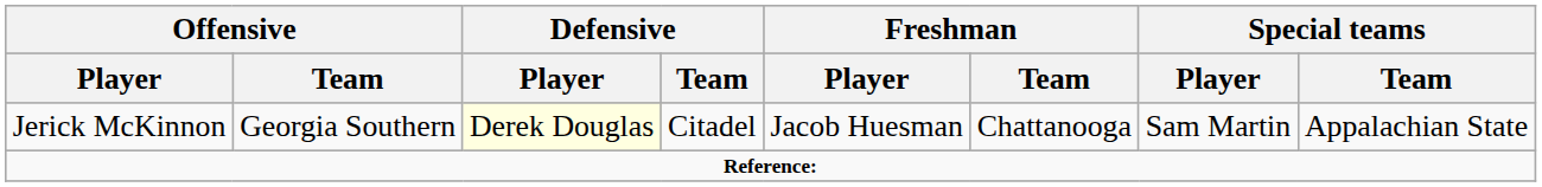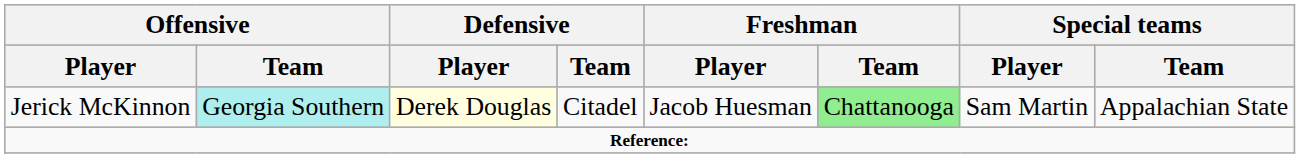 <table class="wikitable" border="1">
 <tr>
 <th colspan="2">Offensive</th>
 <th colspan="2">Defensive</th>
 <th colspan="2">Freshman</th>
 <th colspan="2">Special teams</th>
 </tr>
 <tr>
 <th>Player</th>
 <th>Team</th>
 <th>Player</th>
 <th>Team</th>
 <th>Player</th>
 <th>Team</th>
 <th>Player</th>
 <th>Team</th>
 </tr>
 <tr>
 <td>Jerick McKinnon</td>
-<td>Georgia Southern</td>
+<td style="background: paleturquoise;">Georgia Southern</td>
 <td style="background: lightyellow;">Derek Douglas</td>
 <td>Citadel</td>
 <td>Jacob Huesman</td>
-<td>Chattanooga</td>
+<td style="background: lightgreen;">Chattanooga</td>
 <td>Sam Martin</td>
 <td>Appalachian State</td>
 </tr>
 <tr>
 <td colspan="8" style="font-size: 8pt" align="center"><strong>Reference:</strong></td>
 </tr>
 </table>
